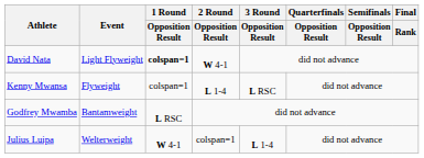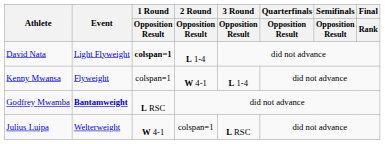 <table class="wikitable" style="font-size:90%">
 <tr>
 <th rowspan="2">Athlete</th>
 <th rowspan="2">Event</th>
 <th>1 Round</th>
 <th>2 Round</th>
 <th>3 Round</th>
 <th>Quarterfinals</th>
 <th>Semifinals</th>
 <th colspan=2>Final</th>
 </tr>
 <tr style="font-size:95%">
 <th>Opposition<br>Result</th>
 <th>Opposition<br>Result</th>
 <th>Opposition<br>Result</th>
 <th>Opposition<br>Result</th>
 <th>Opposition<br>Result</th>
 <th colspan=2>Rank</th>
 </tr>
 <tr align=center>
 <td align=left><a href='#'>David Nata</a></td>
 <td align=left><a href='#'>Light Flyweight</a></td>
 <td><strong>colspan=1 </strong></td>
-<td><br><strong>W</strong> 4-1</td>
+<td><br><strong>L</strong> 1-4</td>
 <td colspan=6>did not advance</td>
 </tr>
 <tr align=center>
 <td align=left><a href='#'>Kenny Mwansa</a></td>
 <td align=left><a href='#'>Flyweight</a></td>
 <td>colspan=1 </td>
+<td><br><strong>W</strong> 4-1</td>
 <td><br><strong>L</strong> 1-4</td>
-<td><br><strong>L</strong> RSC</td>
 <td colspan=4>did not advance</td>
 </tr>
 <tr align=center>
 <td align=left><a href='#'>Godfrey Mwamba</a></td>
-<td align=left><a href='#'>Bantamweight</a></td>
+<td align=left><strong><a href='#'>Bantamweight</a></strong></td>
 <td><br><strong>L</strong> RSC</td>
 <td colspan=6>did not advance</td>
 </tr>
 <tr align=center>
 <td align=left><a href='#'>Julius Luipa</a></td>
 <td align=left><a href='#'>Welterweight</a></td>
 <td><br><strong>W</strong> 4-1</td>
 <td>colspan=1 </td>
-<td><br><strong>L</strong> 1-4</td>
+<td><br><strong>L</strong> RSC</td>
 <td colspan=3>did not advance</td>
 </tr>
 </table>
